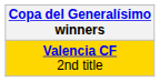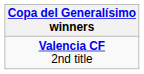 <table class="wikitable" style="text-align: center; margin: 0 auto;">
 <tr>
 <th><a href='#'>Copa del Generalísimo</a><br>winners</th>
 </tr>
 <tr>
-<td style="background: gold;"><strong><a href='#'>Valencia CF</a></strong><br>2nd title</td>
+<td><strong><a href='#'>Valencia CF</a></strong><br>2nd title</td>
 </tr>
 </table>
